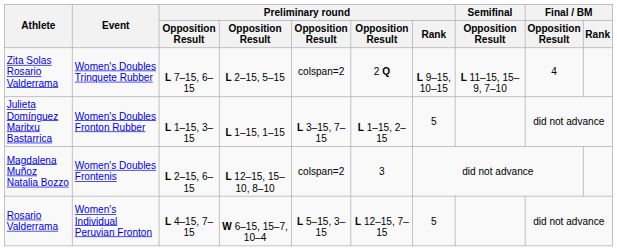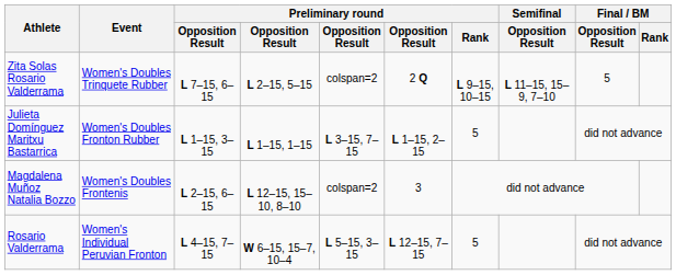 <table class="wikitable" style="font-size:90%">
 <tr>
 <th rowspan="2">Athlete</th>
 <th rowspan="2">Event</th>
 <th colspan="5">Preliminary round</th>
 <th>Semifinal</th>
 <th colspan=2>Final / BM</th>
 </tr>
 <tr>
 <th>Opposition<br>Result</th>
 <th>Opposition<br>Result</th>
 <th>Opposition<br>Result</th>
 <th>Opposition<br>Result</th>
 <th>Rank</th>
 <th>Opposition<br>Result</th>
 <th>Opposition<br>Result</th>
 <th>Rank</th>
 </tr>
 <tr align=center>
 <td align=left><a href='#'>Zita Solas</a><br><a href='#'>Rosario Valderrama</a></td>
 <td align=left><a href='#'>Women's Doubles Trinquete Rubber</a></td>
 <td><br><br><strong>L</strong> 7–15, 6–15</td>
 <td><br><strong>L</strong> 2–15, 5–15</td>
 <td>colspan=2 </td>
 <td>2 <strong>Q</strong></td>
 <td><br><br><strong>L</strong> 9–15, 10–15</td>
 <td><br><br><strong>L</strong> 11–15, 15–9, 7–10</td>
-<td>4</td>
+<td>5</td>
 </tr>
 <tr align=center>
 <td align=left><a href='#'>Julieta Domínguez</a><br><a href='#'>Maritxu Bastarrica</a></td>
 <td align=left><a href='#'>Women's Doubles Fronton Rubber</a></td>
 <td><br><br><strong>L</strong> 1–15, 3–15</td>
 <td><br><br><strong>L</strong> 1–15, 1–15</td>
 <td><br><br><strong>L</strong> 3–15, 7–15</td>
 <td><br><br><strong>L</strong> 1–15, 2–15</td>
 <td>5</td>
 <td></td>
 <td colspan=2>did not advance</td>
 </tr>
 <tr align=center>
 <td align=left><a href='#'>Magdalena Muñoz</a><br><a href='#'>Natalia Bozzo</a></td>
 <td align=left><a href='#'>Women's Doubles Frontenis</a></td>
 <td><br><br><strong>L</strong> 2–15, 6–15</td>
 <td><br><br><strong>L</strong> 12–15, 15–10, 8–10</td>
 <td>colspan=2 </td>
 <td>3</td>
 <td colspan=3>did not advance</td>
 </tr>
 <tr align=center>
 <td align=left><a href='#'>Rosario Valderrama</a></td>
 <td align=left><a href='#'>Women's Individual Peruvian Fronton</a></td>
 <td><br><strong>L</strong> 4–15, 7–15</td>
 <td><br><br><strong>W</strong> 6–15, 15–7, 10–4</td>
 <td><br><strong>L</strong> 5–15, 3–15</td>
 <td><br><strong>L</strong> 12–15, 7–15</td>
 <td>5</td>
 <td></td>
 <td colspan=2>did not advance</td>
 </tr>
 </table>
